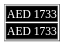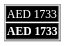 <table border="1">
 <tr ---- size="40">
 <td style="background:black; font-size: 14pt; color: white">AED 1733</td>
 </tr>
 <tr>
-<td style="background:black; font-size: 14pt; color: white">AED 1733</td>
+<td style="background:black; font-size: 14pt; color: white"><strong>AED 1733</strong></td>
 </tr>
 </table>
